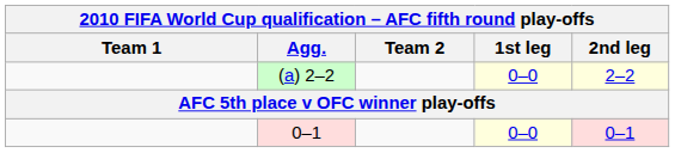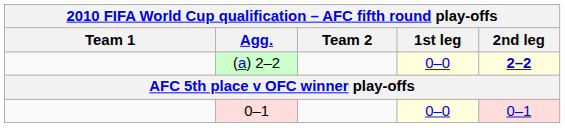 <table class="wikitable" style="text-align: center;">
 <tr>
 <th colspan="5"><a href='#'>2010 FIFA World Cup qualification – AFC fifth round</a> play-offs</th>
 </tr>
 <tr>
 <th width="220">Team 1</th>
 <th width="80"><a href='#'>Agg.</a></th>
 <th width="100">Team 2</th>
 <th width="80">1st leg</th>
 <th width="80">2nd leg</th>
 </tr>
 <tr>
 <td align="center"></td>
 <td bgcolor="#ccffcc">(<a href='#'>a</a>) 2–2</td>
 <td align="center"></td>
 <td bgcolor="#ffffdd"><a href='#'>0–0</a></td>
-<td bgcolor="#ffffdd"><a href='#'>2–2</a></td>
+<td bgcolor="#ffffdd"><strong><a href='#'>2–2</a></strong></td>
 </tr>
 <tr>
 <th colspan="5"><a href='#'>AFC 5th place v OFC winner</a> play-offs</th>
 </tr>
 <tr>
 <td align="center"></td>
 <td bgcolor="#ffdddd">0–1</td>
 <td align="center"></td>
 <td bgcolor="#ffffdd"><a href='#'>0–0</a></td>
 <td bgcolor="#ffdddd"><a href='#'>0–1</a></td>
 </tr>
 </table>
